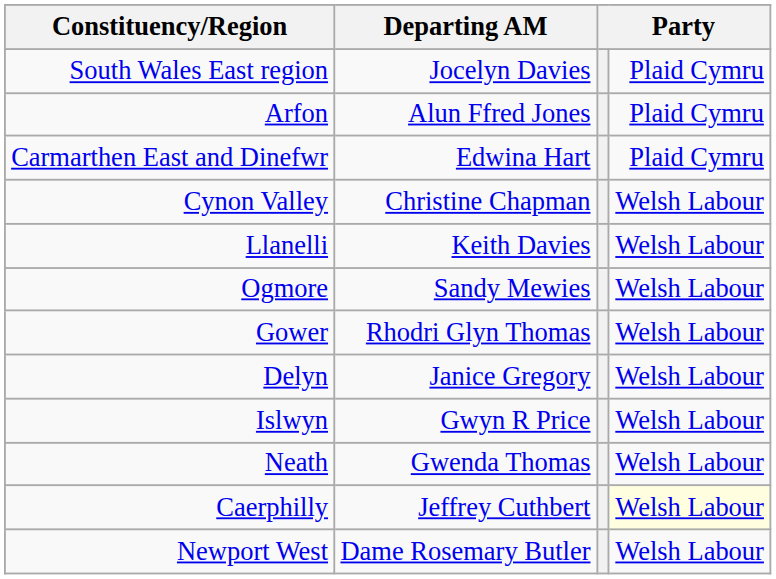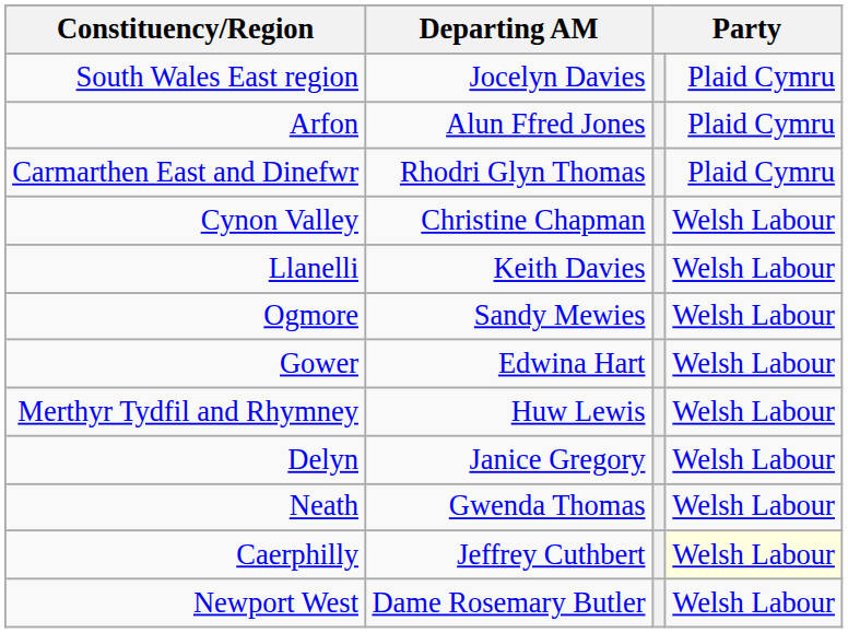 <table class="wikitable" style="text-align:right; font-size:90%; margin-bottom:0">
 <tr>
 <th>Constituency/Region</th>
 <th>Departing AM</th>
 <th colspan="2">Party</th>
 </tr>
 <tr>
 <td><a href='#'>South Wales East region</a></td>
 <td><a href='#'>Jocelyn Davies</a></td>
 <th style="background-color: "></th>
 <td><a href='#'>Plaid Cymru</a></td>
 </tr>
 <tr>
 <td><a href='#'>Arfon</a></td>
 <td><a href='#'>Alun Ffred Jones</a></td>
 <th style="background-color: "></th>
 <td><a href='#'>Plaid Cymru</a></td>
 </tr>
 <tr>
 <td><a href='#'>Carmarthen East and Dinefwr</a></td>
-<td><a href='#'>Edwina Hart</a></td>
+<td><a href='#'>Rhodri Glyn Thomas</a></td>
 <th style="background-color: "></th>
 <td><a href='#'>Plaid Cymru</a></td>
 </tr>
 <tr>
 <td><a href='#'>Cynon Valley</a></td>
 <td><a href='#'>Christine Chapman</a></td>
 <th style="background-color: "></th>
 <td><a href='#'>Welsh Labour</a></td>
 </tr>
 <tr>
 <td><a href='#'>Llanelli</a></td>
 <td><a href='#'>Keith Davies</a></td>
 <th style="background-color: "></th>
 <td><a href='#'>Welsh Labour</a></td>
 </tr>
 <tr>
 <td><a href='#'>Ogmore</a></td>
 <td><a href='#'>Sandy Mewies</a></td>
 <th style="background-color: "></th>
 <td><a href='#'>Welsh Labour</a></td>
 </tr>
 <tr>
 <td><a href='#'>Gower</a></td>
-<td><a href='#'>Rhodri Glyn Thomas</a></td>
+<td><a href='#'>Edwina Hart</a></td>
+<th style="background-color: "></th>
+<td><a href='#'>Welsh Labour</a></td>
+</tr>
+<tr>
+<td><a href='#'>Merthyr Tydfil and Rhymney</a></td>
+<td><a href='#'>Huw Lewis</a></td>
 <th style="background-color: "></th>
 <td><a href='#'>Welsh Labour</a></td>
 </tr>
 <tr>
 <td><a href='#'>Delyn</a></td>
 <td><a href='#'>Janice Gregory</a></td>
-<th style="background-color: "></th>
-<td><a href='#'>Welsh Labour</a></td>
-</tr>
-<tr>
-<td><a href='#'>Islwyn</a></td>
-<td><a href='#'>Gwyn R Price</a></td>
 <th style="background-color: "></th>
 <td><a href='#'>Welsh Labour</a></td>
 </tr>
 <tr>
 <td><a href='#'>Neath</a></td>
 <td><a href='#'>Gwenda Thomas</a></td>
 <th style="background-color: "></th>
 <td><a href='#'>Welsh Labour</a></td>
 </tr>
 <tr>
 <td><a href='#'>Caerphilly</a></td>
 <td><a href='#'>Jeffrey Cuthbert</a></td>
 <th style="background-color: "></th>
 <td style="background: lightyellow;"><a href='#'>Welsh Labour</a></td>
 </tr>
 <tr>
 <td><a href='#'>Newport West</a></td>
 <td><a href='#'>Dame Rosemary Butler</a></td>
 <th style="background-color: "></th>
 <td><a href='#'>Welsh Labour</a></td>
 </tr>
 </table>
